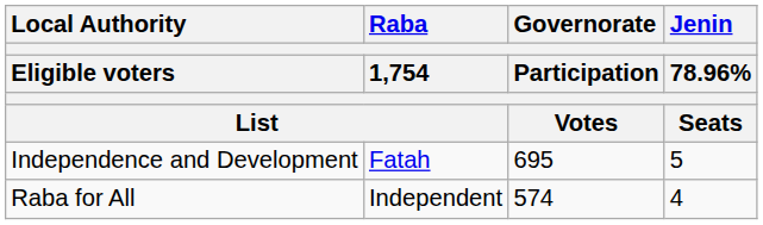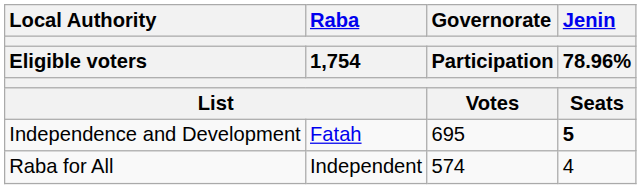 <table class="wikitable">
 <tr>
 <th style="text-align:left;">Local Authority</th>
 <th style="text-align:left;"><a href='#'>Raba</a></th>
 <th style="text-align:left;">Governorate</th>
 <th style="text-align:left;"><a href='#'>Jenin</a></th>
 </tr>
 <tr>
 <th colspan=4></th>
 </tr>
 <tr>
 <th style="text-align:left;">Eligible voters</th>
 <th style="text-align:left;">1,754</th>
 <th style="text-align:left;">Participation</th>
 <th style="text-align:left;">78.96%</th>
 </tr>
 <tr>
 <th colspan=4></th>
 </tr>
 <tr>
 <th colspan=2>List</th>
 <th>Votes</th>
 <th>Seats</th>
 </tr>
 <tr>
 <td>Independence and Development</td>
 <td><a href='#'>Fatah</a></td>
 <td>695</td>
-<td>5</td>
+<td><strong>5</strong></td>
 </tr>
 <tr>
 <td>Raba for All</td>
 <td>Independent</td>
 <td>574</td>
 <td>4</td>
 </tr>
 </table>
